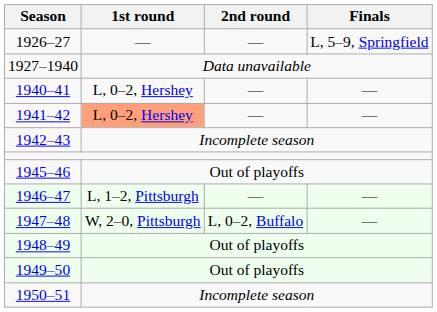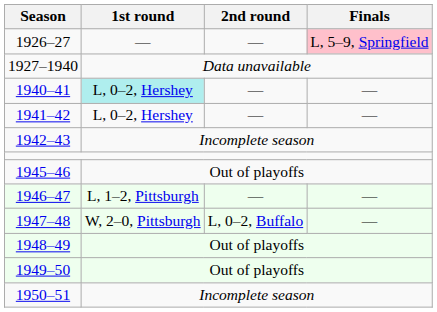 <table class="wikitable" style="text-align:center">
 <tr>
 <th>Season</th>
 <th>1st round</th>
 <th>2nd round</th>
 <th>Finals</th>
 </tr>
 <tr>
 <td>1926–27</td>
 <td>—</td>
 <td>—</td>
-<td>L, 5–9, <a href='#'>Springfield</a></td>
+<td style="background: pink;">L, 5–9, <a href='#'>Springfield</a></td>
 </tr>
 <tr>
 <td>1927–1940</td>
 <td colspan="3"><em>Data unavailable</em></td>
 </tr>
 <tr>
 <td><a href='#'>1940–41</a></td>
-<td>L, 0–2, <a href='#'>Hershey</a></td>
+<td style="background: paleturquoise;">L, 0–2, <a href='#'>Hershey</a></td>
 <td>—</td>
 <td>—</td>
 </tr>
 <tr>
 <td><a href='#'>1941–42</a></td>
-<td style="background: lightsalmon;">L, 0–2, <a href='#'>Hershey</a></td>
+<td>L, 0–2, <a href='#'>Hershey</a></td>
 <td>—</td>
 <td>—</td>
 </tr>
 <tr>
 <td><a href='#'>1942–43</a></td>
 <td colspan="3"><em>Incomplete season</em></td>
 </tr>
 <tr>
 <td colspan="9"></td>
 </tr>
 <tr>
 <td><a href='#'>1945–46</a></td>
 <td colspan="3">Out of playoffs</td>
 </tr>
 <tr bgcolor="eeffee">
 <td><a href='#'>1946–47</a></td>
 <td>L, 1–2, <a href='#'>Pittsburgh</a></td>
 <td>—</td>
 <td>—</td>
 </tr>
 <tr bgcolor="eeffee">
 <td><a href='#'>1947–48</a></td>
 <td>W, 2–0, <a href='#'>Pittsburgh</a></td>
 <td>L, 0–2, <a href='#'>Buffalo</a></td>
 <td>—</td>
 </tr>
 <tr bgcolor="eeffee">
 <td><a href='#'>1948–49</a></td>
 <td colspan="3">Out of playoffs</td>
 </tr>
 <tr bgcolor="eeffee">
 <td><a href='#'>1949–50</a></td>
 <td colspan="3">Out of playoffs</td>
 </tr>
 <tr>
 <td><a href='#'>1950–51</a></td>
 <td colspan="3"><em>Incomplete season</em></td>
 </tr>
 </table>
